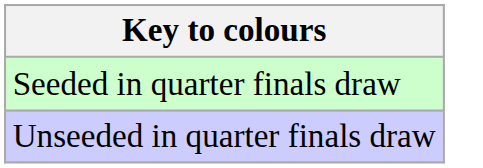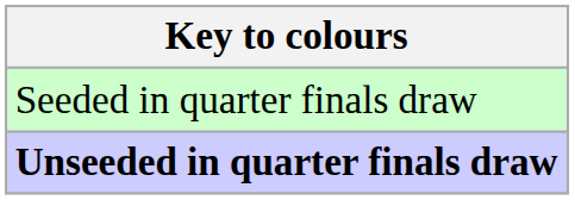 <table class="wikitable">
 <tr>
 <th>Key to colours</th>
 </tr>
 <tr bgcolor=#ccffcc>
 <td>Seeded in quarter finals draw</td>
 </tr>
 <tr bgcolor=#ccccff>
-<td>Unseeded in quarter finals draw</td>
+<td><strong>Unseeded in quarter finals draw</strong></td>
 </tr>
 </table>
